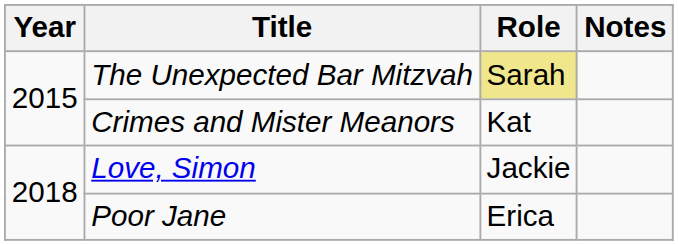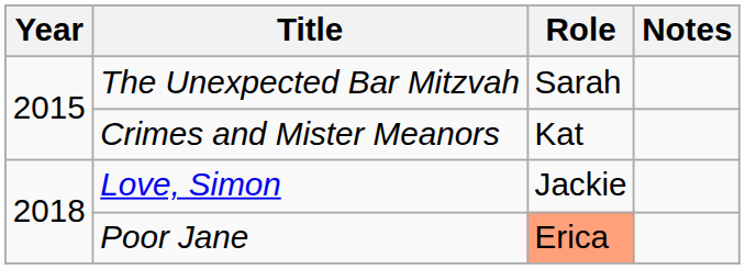 <table class="wikitable">
 <tr>
 <th>Year</th>
 <th>Title</th>
 <th>Role</th>
 <th>Notes</th>
 </tr>
 <tr>
 <td rowspan="2">2015</td>
 <td><em>The Unexpected Bar Mitzvah</em></td>
-<td style="background: khaki;">Sarah</td>
+<td>Sarah</td>
 <td></td>
 </tr>
 <tr>
 <td><em>Crimes and Mister Meanors</em></td>
 <td>Kat</td>
 <td></td>
 </tr>
 <tr>
 <td rowspan="2">2018</td>
 <td><em><a href='#'>Love, Simon</a></em></td>
 <td>Jackie</td>
 <td></td>
 </tr>
 <tr>
 <td><em>Poor Jane</em></td>
-<td>Erica</td>
+<td style="background: lightsalmon;">Erica</td>
 <td></td>
 </tr>
 </table>
